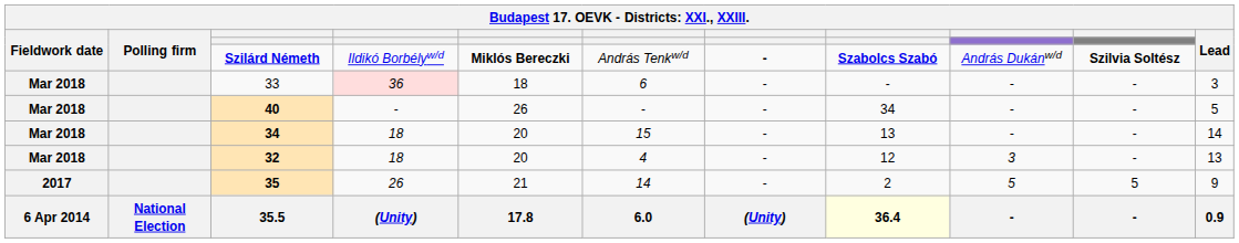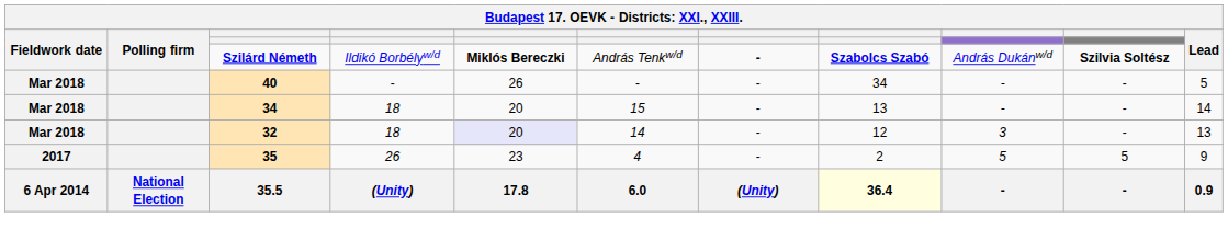 <table class="wikitable mw-collapsible mw-collapsed" style="text-align:center">
 <tr>
 <th colspan="11" style="width: 980pt;"><small><a href='#'>Budapest</a> 17. OEVK -</small> <small>Districts: <a href='#'>XXI</a>., <a href='#'>XXIII</a>.</small></th>
 </tr>
 <tr>
 <th rowspan="3" style="width: 80pt;"><small>Fieldwork</small> <small>date</small></th>
 <th rowspan="3" style="width: 80pt;"><strong><small>Polling</small> <small>firm</small></strong></th>
 <th style="width: 100pt;"><small></small></th>
 <th style="width: 100pt;"><small> </small></th>
 <th style="width: 100pt;"></th>
 <th style="width: 100pt;"></th>
 <th style="width: 100pt;"></th>
 <th style="width: 100pt;"></th>
 <th style="width: 100pt;"></th>
 <th style="width: 100pt;"></th>
 <th rowspan="3" style="width: 20pt;"><small>Lead</small></th>
 </tr>
 <tr>
 <th style="color:inherit;background:"></th>
 <th style="color:inherit;background:"></th>
 <th style="color:inherit;background:"></th>
 <th style="color:inherit;background:"></th>
 <th style="color:inherit;background:"></th>
 <th style="color:inherit;background:"></th>
 <th style="color:inherit;background:#8E6FCE;"></th>
 <th style="color:inherit;background:#808080;"></th>
 </tr>
 <tr>
 <td><a href='#'><small><strong>Szilárd Németh</strong></small></a></td>
 <td><small><a href='#'><em>Ildikó Borbély<sup>w/d</sup></em></a></small></td>
 <td><small><strong>Miklós Bereczki</strong></small></td>
 <td><small><em>András Tenk<sup>w/d</sup></em></small></td>
 <td><small><strong>-</strong></small></td>
 <td><small><strong><a href='#'>Szabolcs Szabó</a></strong></small></td>
 <td><small><a href='#'><em>András Dukán</em></a><em><sup>w/d</sup></em></small></td>
 <td><small><strong>Szilvia Soltész</strong></small></td>
 </tr>
 <tr>
 <th><small>Mar 2018</small></th>
-<th><small></small></th>
-<td><small>33</small></td>
-<td style="background:#FFDDDD"><small><em>36</em></small></td>
-<td><small>18</small></td>
-<td><small><em>6</em></small></td>
-<td><small>-</small></td>
-<td><small>-</small></td>
-<td><small><em>-</em></small></td>
-<td><small>-</small></td>
-<td style="background:"><small>3</small></td>
-</tr>
-<tr>
-<th><small>Mar 2018</small></th>
 <th> </th>
 <td style="background:#FFE5B4"><strong><small>40</small></strong></td>
 <td><small>-</small></td>
 <td><small>26</small></td>
 <td><small>-</small></td>
 <td><small>-</small></td>
 <td><small>34</small></td>
 <td><small><em>-</em></small></td>
 <td><small>-</small></td>
 <td style="background:"><small>5</small></td>
 </tr>
 <tr>
 <th><small>Mar 2018</small></th>
 <th> </th>
 <td style="background:#FFE5B4"><strong><small>34</small></strong></td>
 <td><small><em>18</em></small></td>
 <td><small>20</small></td>
 <td><small><em>15</em></small></td>
 <td><small>-</small></td>
 <td><small>13</small></td>
 <td><small><em>-</em></small></td>
 <td><small>-</small></td>
 <td style="background:"><small>14</small></td>
 </tr>
 <tr>
 <th><small>Mar 2018</small></th>
 <th> </th>
 <td style="background:#FFE5B4"><small><strong>32</strong></small></td>
 <td><small><em>18</em></small></td>
-<td><small>20</small></td>
-<td><small><em>4</em></small></td>
+<td style="background: lavender;"><small>20</small></td>
+<td><small><em>14</em></small></td>
 <td><small>-</small></td>
 <td><small>12</small></td>
 <td><small><em>3</em></small></td>
 <td><small>-</small></td>
 <td style="background:"><small>13</small></td>
 </tr>
 <tr>
 <th><small>2017</small></th>
 <th><small></small></th>
 <td style="background:#FFE5B4"><small><strong>35</strong></small></td>
 <td><small><em>26</em></small></td>
-<td><small>21</small></td>
-<td><small><em>14</em></small></td>
+<td><small>23</small></td>
+<td><small><em>4</em></small></td>
 <td><small>-</small></td>
 <td><small>2</small></td>
 <td><small><em>5</em></small></td>
 <td><small>5</small></td>
 <td style="background:"><small>9</small></td>
 </tr>
 <tr>
 <th><small>6 Apr 2014</small></th>
 <th><a href='#'><small>National Election</small></a></th>
 <th><small>35.5</small></th>
 <th><small><em>(<a href='#'>Unity</a>)</em></small></th>
 <th><small>17.8</small></th>
 <th><small>6.0</small></th>
 <th><small><em>(<a href='#'>Unity</a>)</em></small></th>
 <th style="background:#FFFFE0"><strong><small>36.4</small></strong></th>
 <th><small>-</small></th>
 <th><small>-</small></th>
 <th style="background:"><small>0.9</small></th>
 </tr>
 </table>
